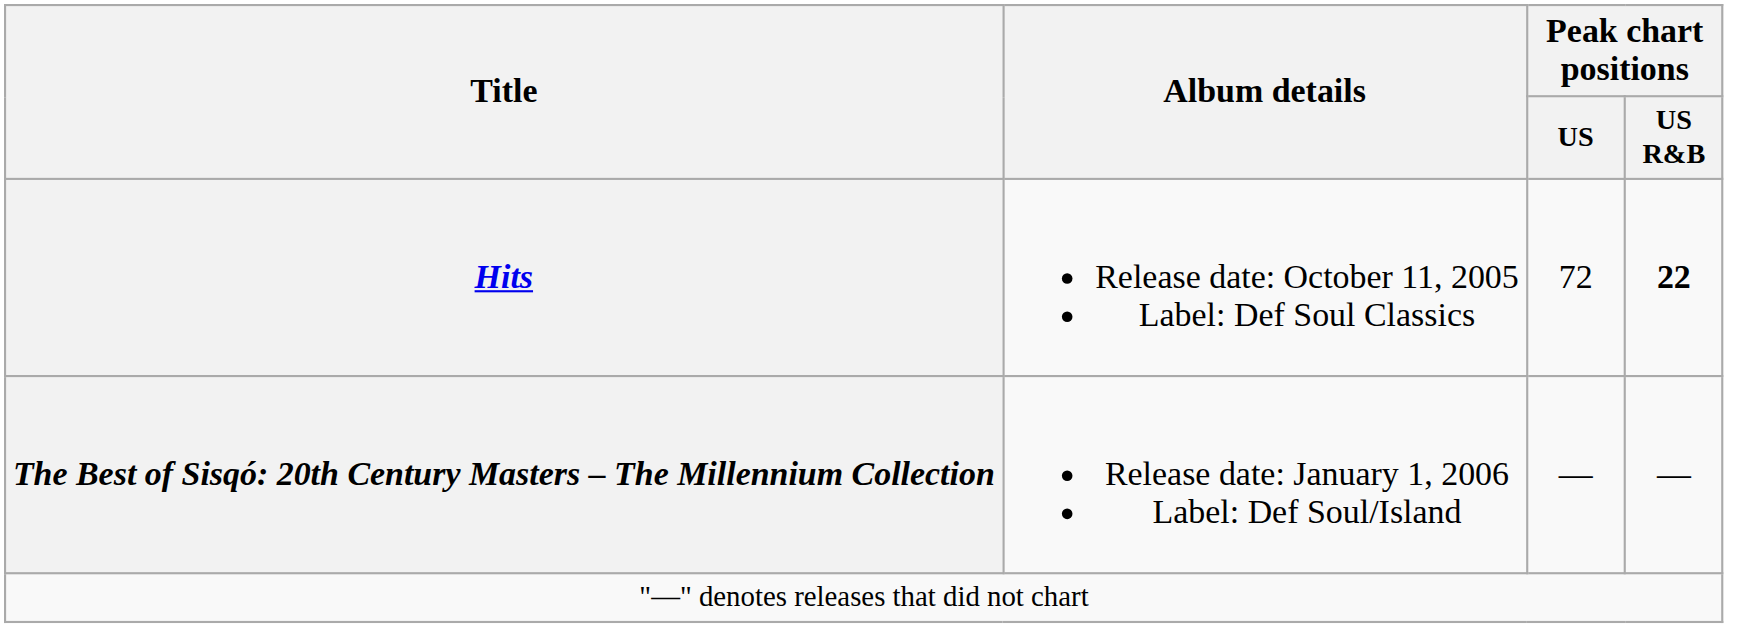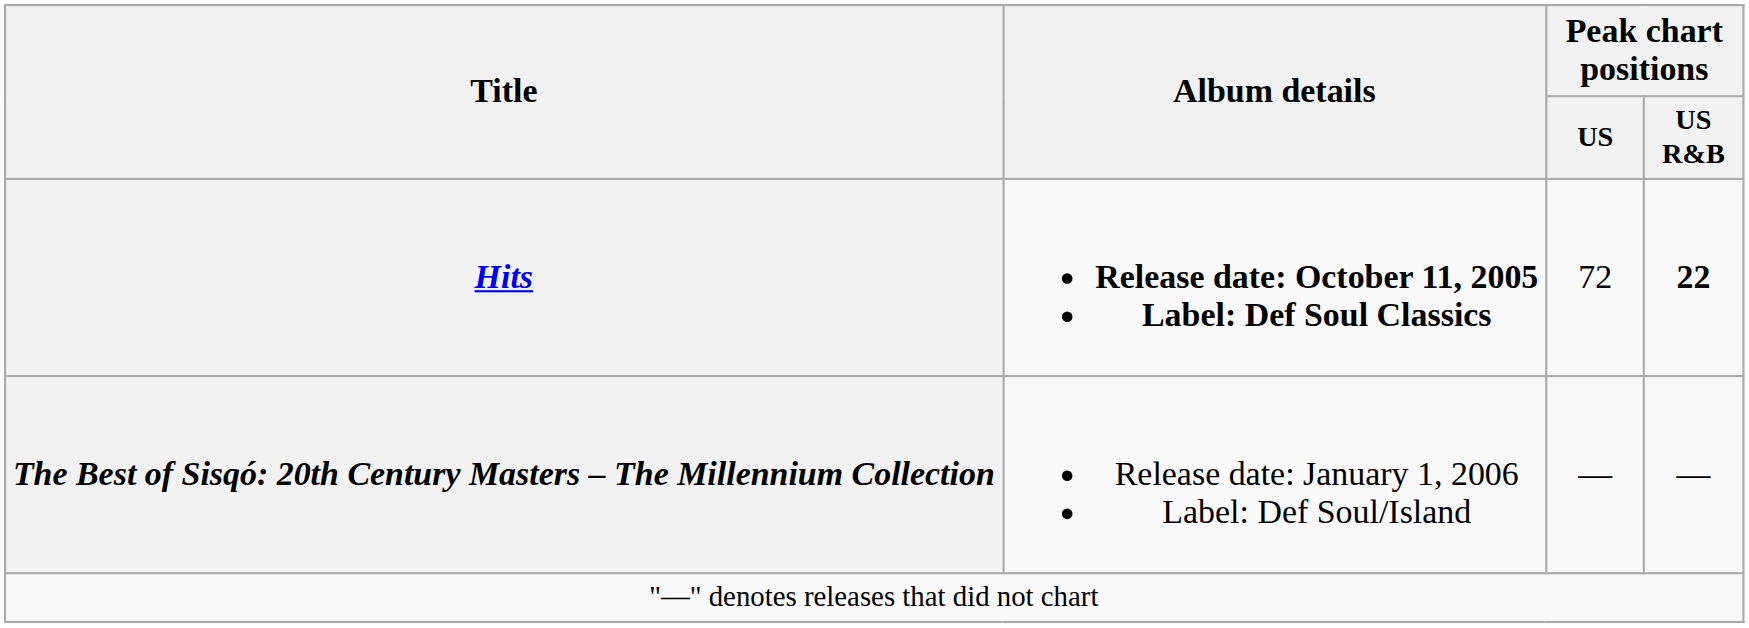 <table class="wikitable plainrowheaders" style="text-align:center;">
 <tr>
 <th scope="col" rowspan="2">Title</th>
 <th scope="col" rowspan="2">Album details</th>
 <th scope="col" colspan="2">Peak chart<br>positions</th>
 </tr>
 <tr style="font-size:smaller;">
 <th scope="col" width="40">US<br></th>
 <th scope="col" width="40">US R&B<br></th>
 </tr>
 <tr>
 <th scope="row"><em><a href='#'>Hits</a></em></th>
-<td><br><ul><li>Release date: October 11, 2005</li><li>Label: Def Soul Classics</li></ul></td>
+<td><strong><br><ul><li>Release date: October 11, 2005</li><li>Label: Def Soul Classics</li></ul></strong></td>
 <td>72</td>
 <td><strong>22</strong></td>
 </tr>
 <tr>
 <th scope="row"><em>The Best of Sisqó: 20th Century Masters – The Millennium Collection</em></th>
 <td><br><ul><li>Release date: January 1, 2006</li><li>Label: Def Soul/Island</li></ul></td>
 <td>—</td>
 <td>—</td>
 </tr>
 <tr>
 <td colspan="10" style="font-size:85%">"—" denotes releases that did not chart</td>
 </tr>
 </table>
